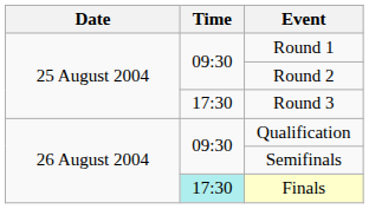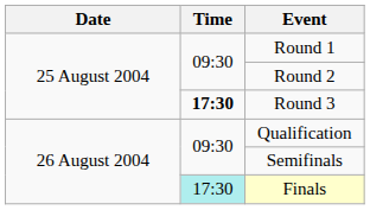 <table class = "wikitable" style="text-align:center;">
 <tr>
 <th width=150>Date</th>
 <th width=50>Time</th>
 <th width=100>Event</th>
 </tr>
 <tr>
 <td rowspan=3>25 August 2004</td>
 <td rowspan=2>09:30</td>
 <td>Round 1</td>
 </tr>
 <tr>
 <td>Round 2</td>
 </tr>
 <tr>
-<td>17:30</td>
+<td><strong>17:30</strong></td>
 <td>Round 3</td>
 </tr>
 <tr>
 <td rowspan=3>26 August 2004</td>
 <td rowspan=2>09:30</td>
 <td>Qualification</td>
 </tr>
 <tr>
 <td>Semifinals</td>
 </tr>
 <tr>
 <td style="background: paleturquoise;">17:30</td>
 <td bgcolor=ffffcc>Finals</td>
 </tr>
 </table>
